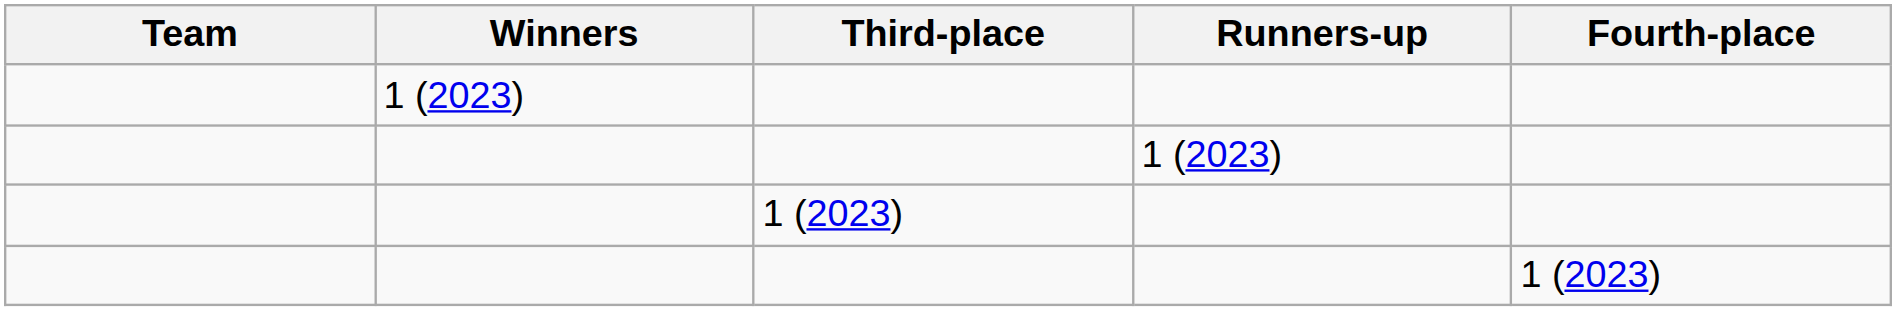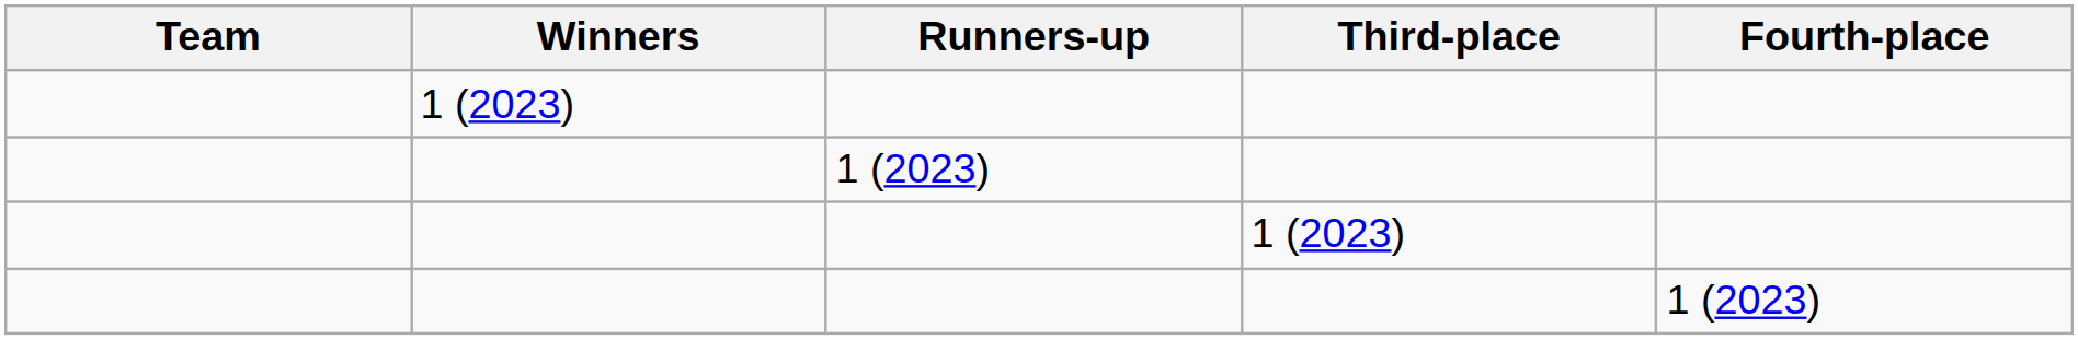 <table class="wikitable sortable" style="width: 800px;">
 <tr>
 <th style="width: 19.5%;">Team</th>
 <th style="width: 20%;">Winners</th>
+<th style="width: 20%;">Runners-up</th>
 <th style="width: 20%;">Third-place</th>
-<th style="width: 20%;">Runners-up</th>
 <th style="width: 20%;">Fourth-place</th>
 </tr>
 <tr>
 <td></td>
 <td>1 (<a href='#'>2023</a>)</td>
 <td></td>
+<td></td>
+<td></td>
+</tr>
+<tr>
+<td></td>
+<td></td>
+<td>1 (<a href='#'>2023</a>)</td>
 <td></td>
 <td></td>
 </tr>
 <tr>
 <td></td>
 <td></td>
 <td></td>
 <td>1 (<a href='#'>2023</a>)</td>
 <td></td>
 </tr>
 <tr>
 <td></td>
 <td></td>
-<td>1 (<a href='#'>2023</a>)</td>
-<td></td>
-<td></td>
-</tr>
-<tr>
-<td></td>
-<td></td>
 <td></td>
 <td></td>
 <td>1 (<a href='#'>2023</a>)</td>
 </tr>
 </table>
